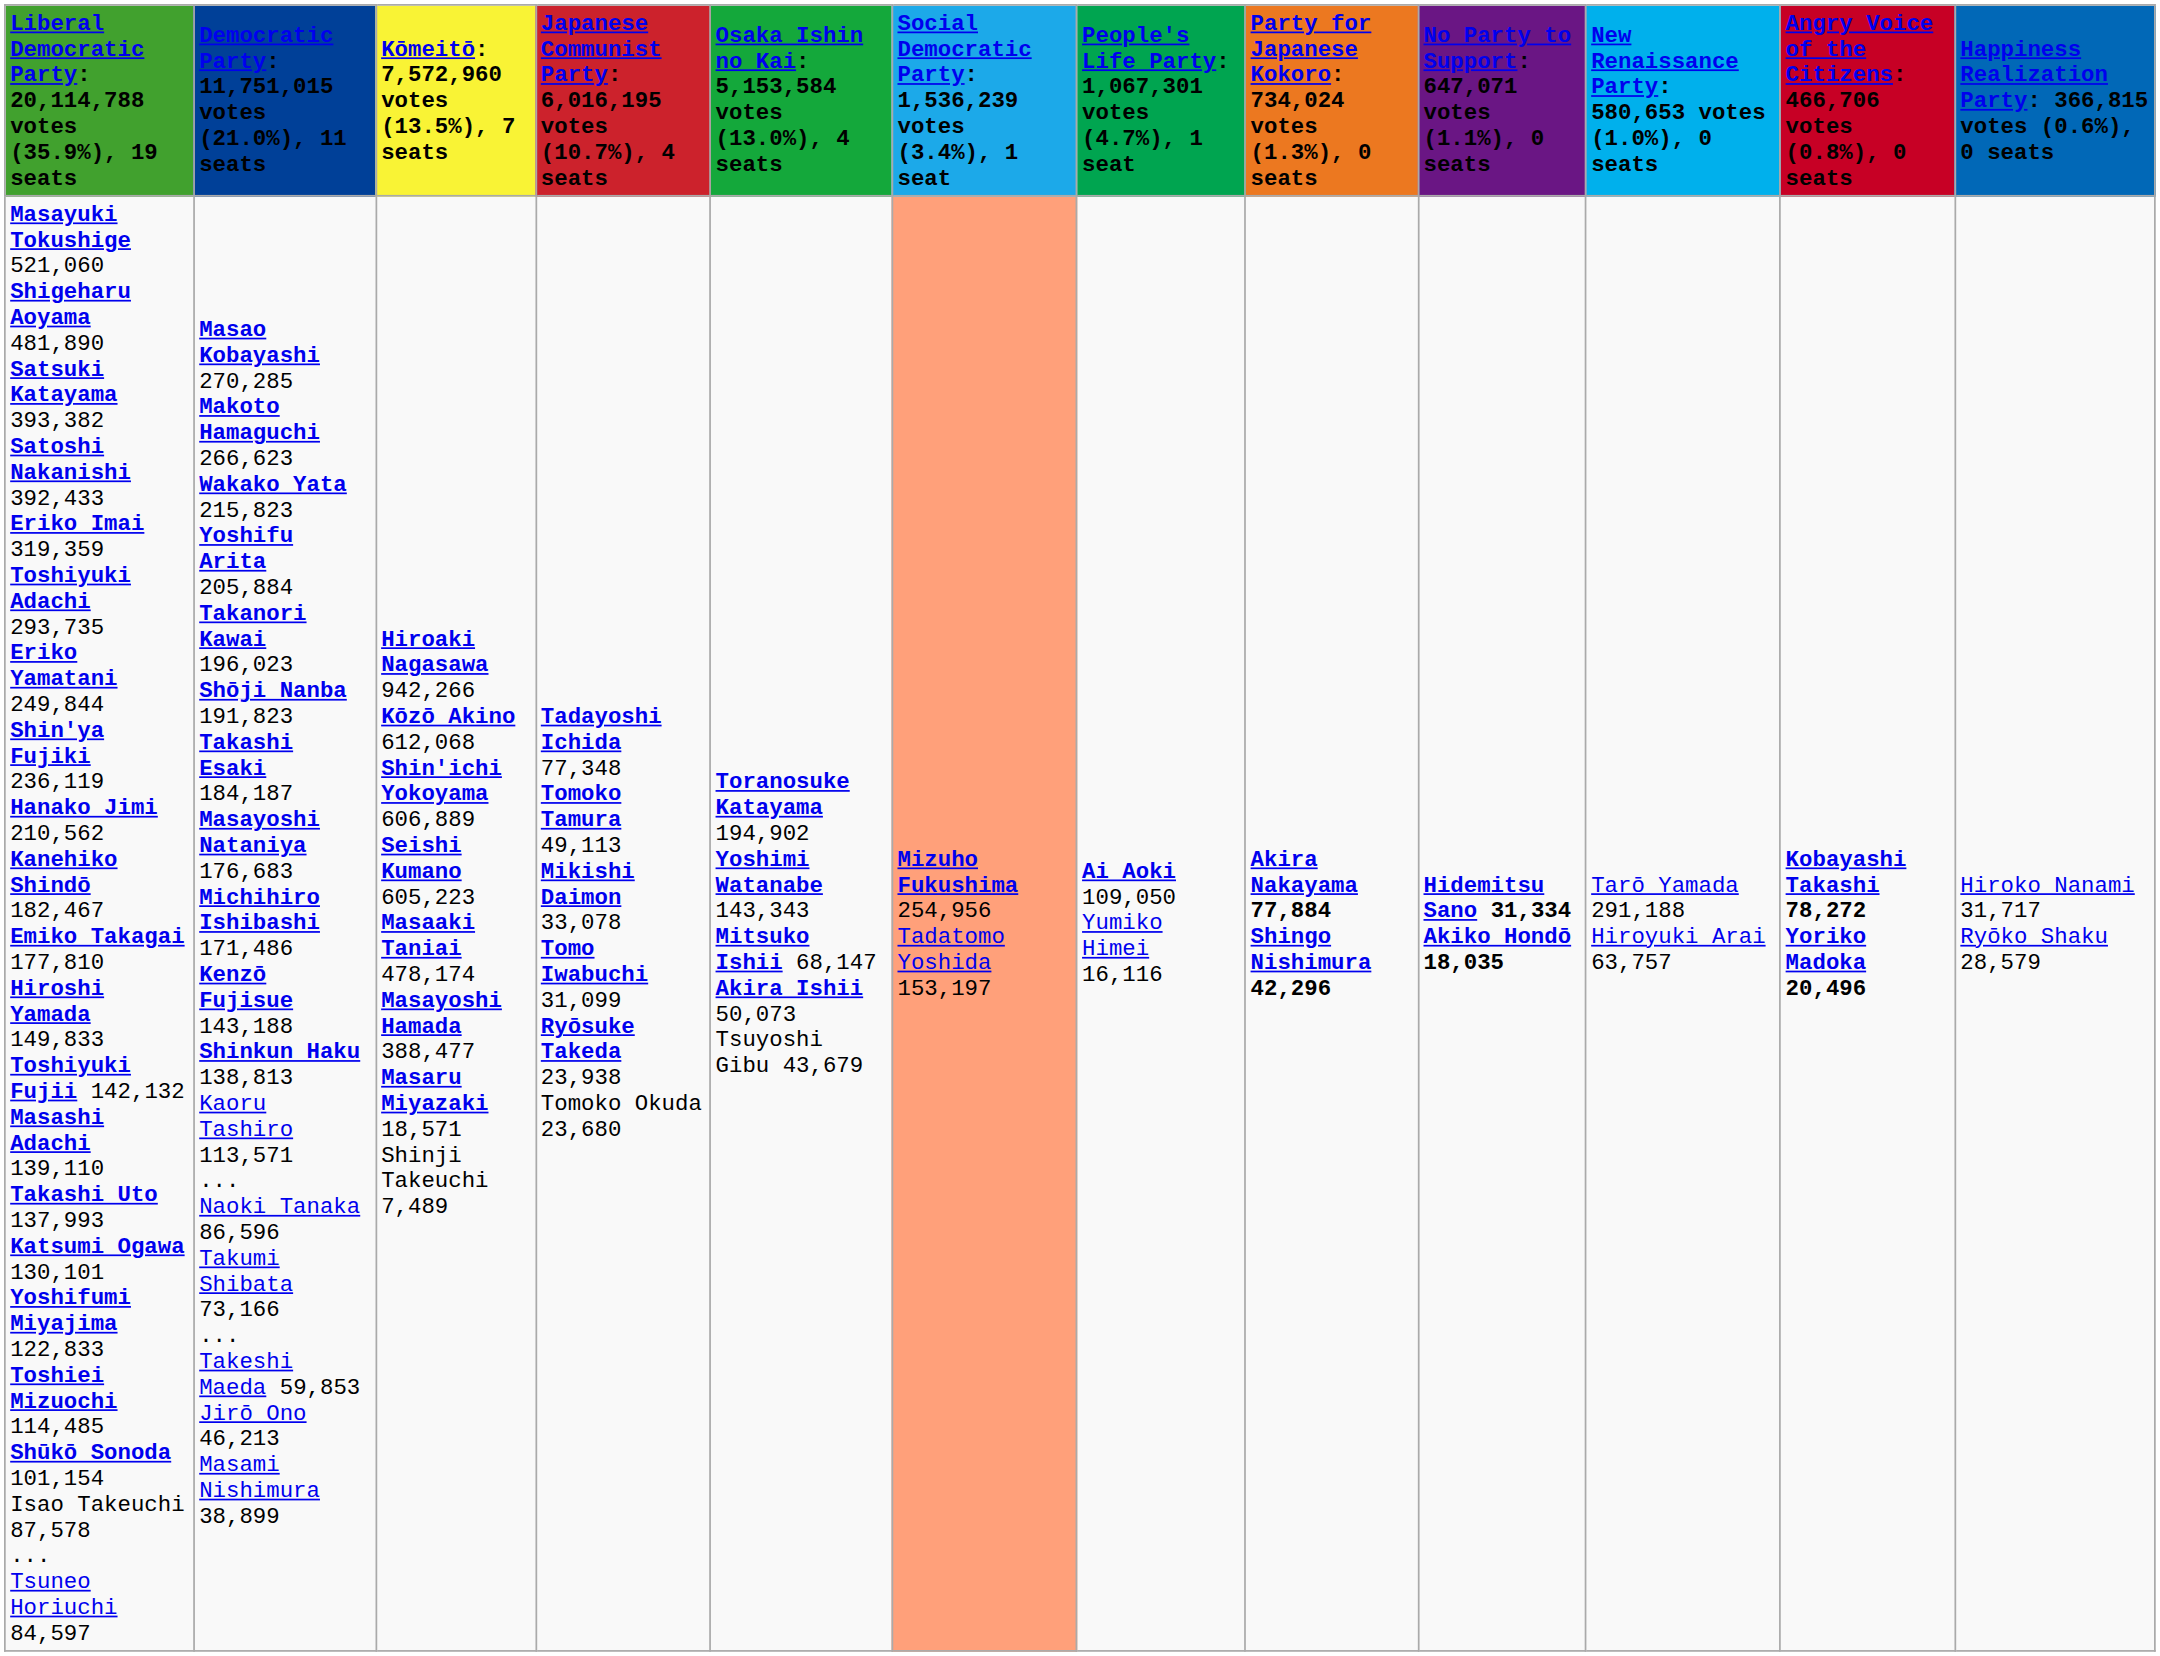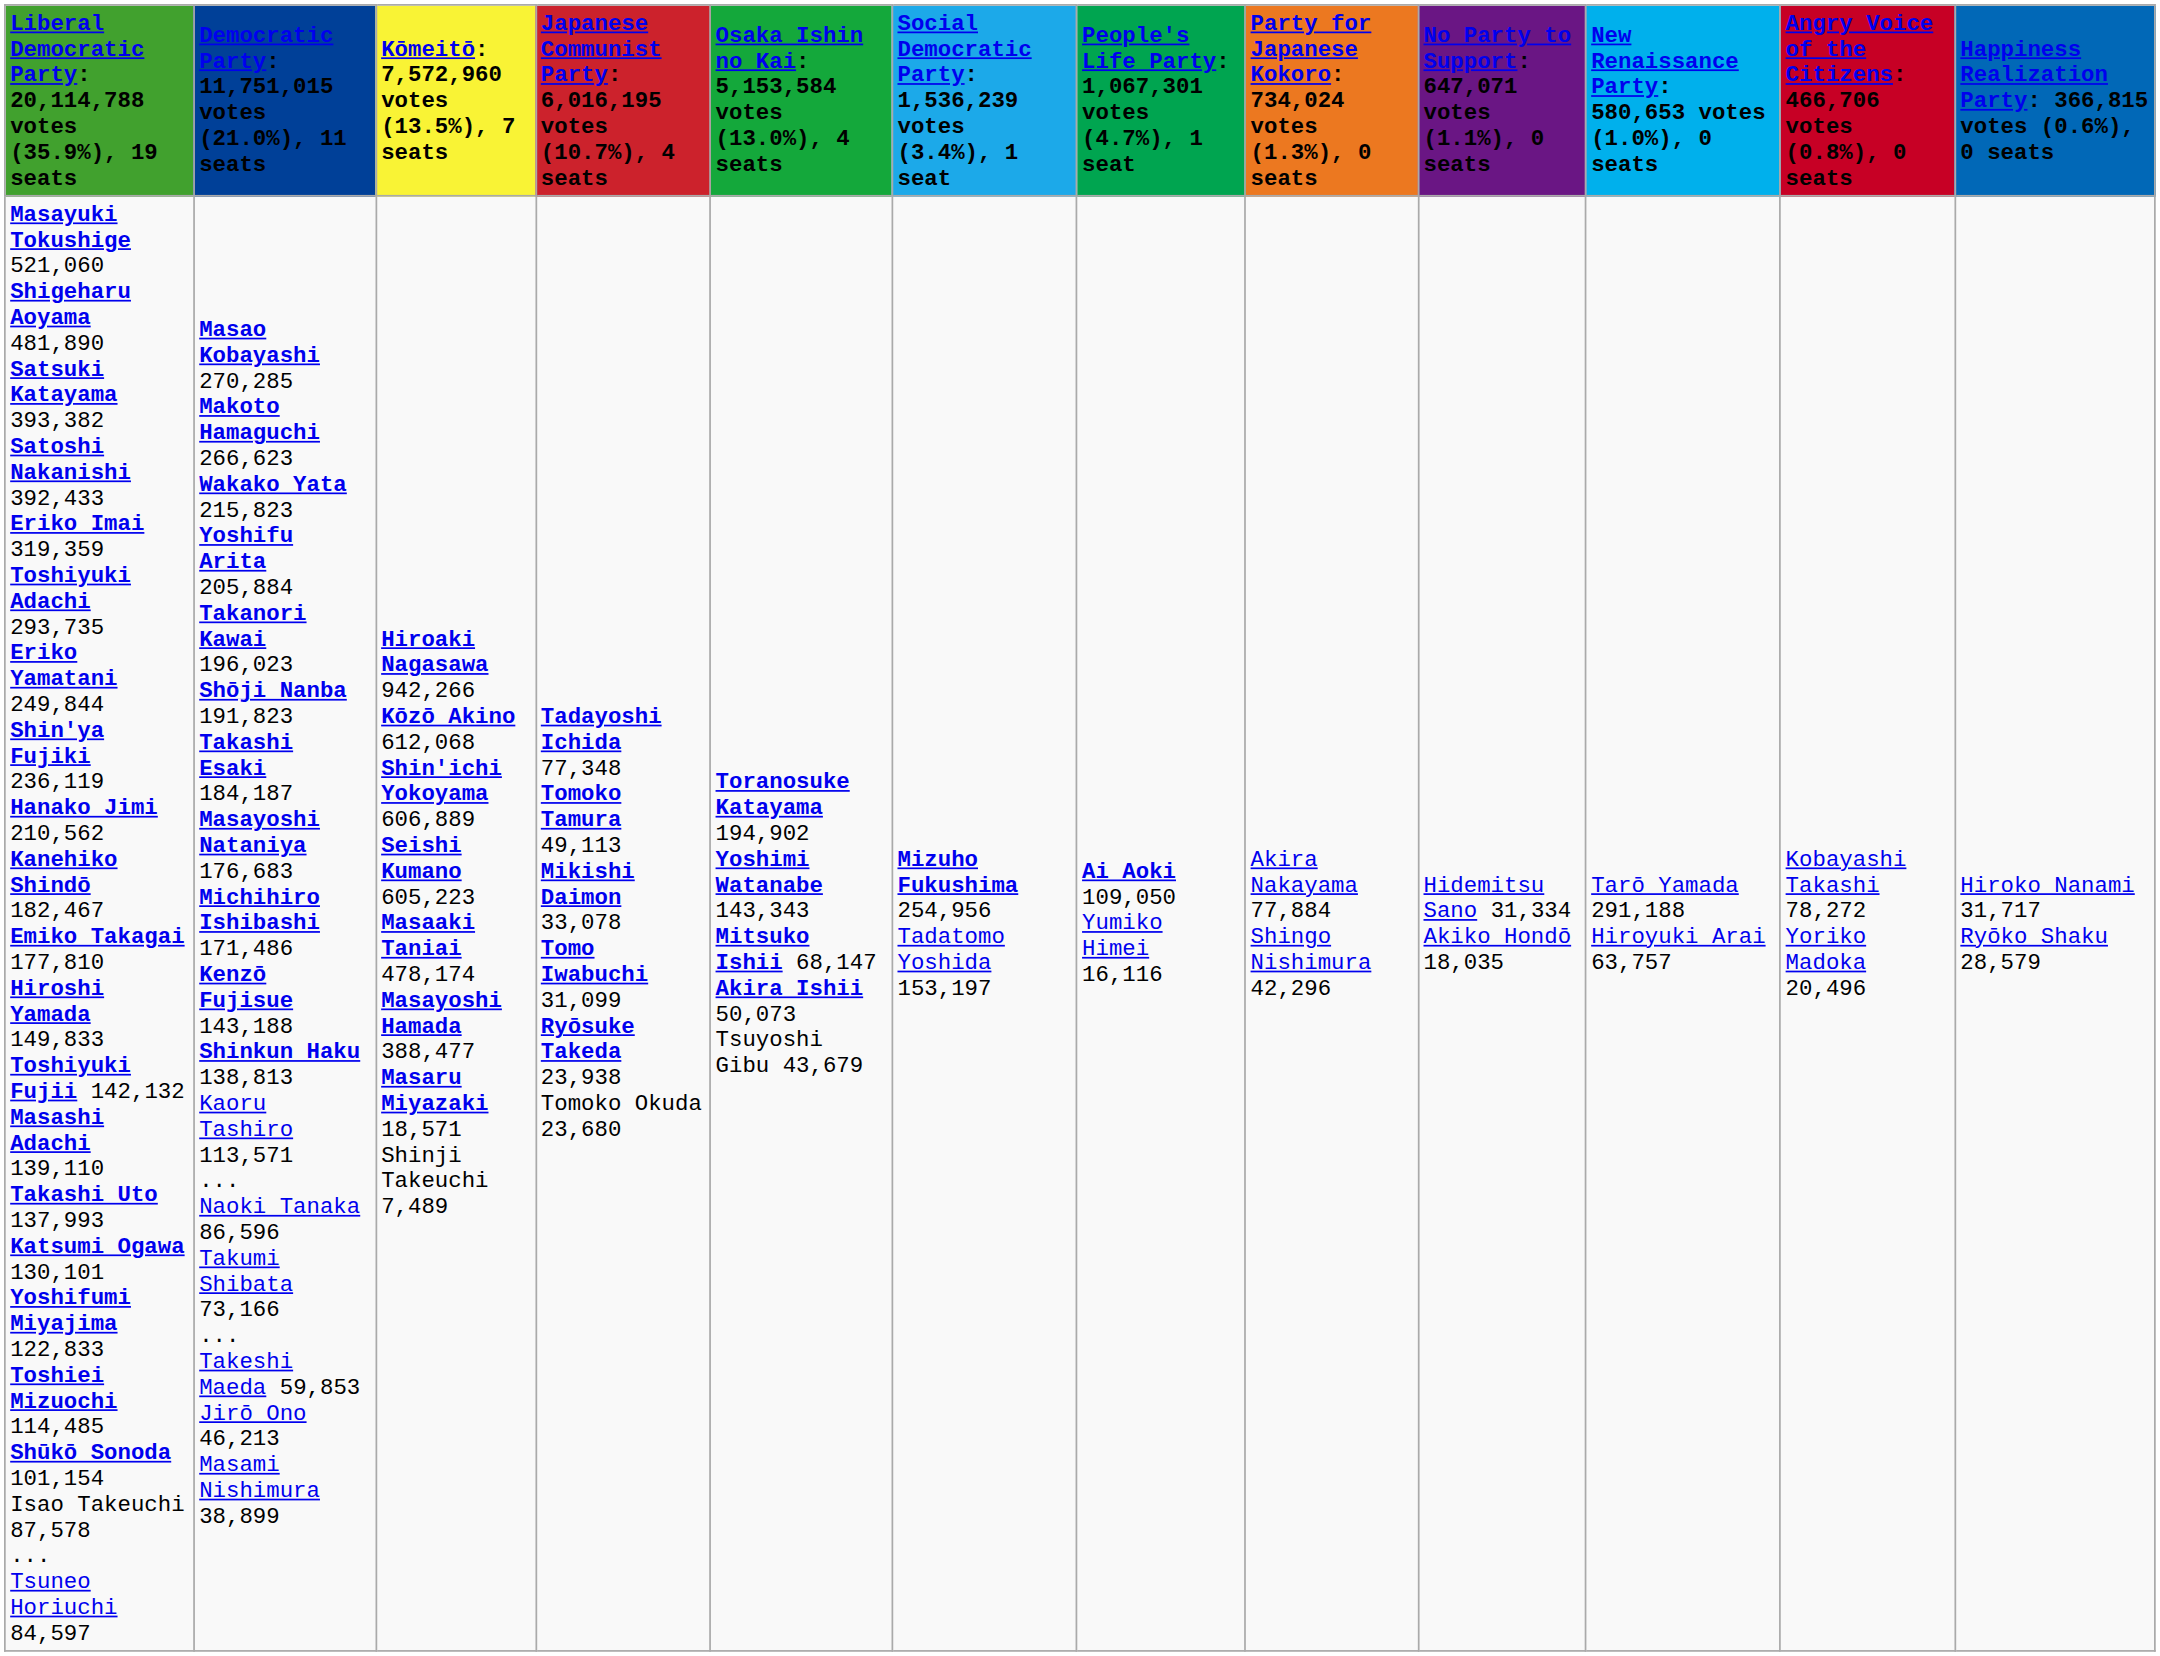 <table class="wikitable">
 <tr>
 <td colspan="1" bgcolor="#41A12E"><strong><a href='#'>Liberal Democratic Party</a>: 20,114,788 votes (35.9%), 19 seats</strong></td>
 <td colspan="1" bgcolor="#004098"><strong><a href='#'>Democratic Party</a>: 11,751,015 votes (21.0%), 11 seats</strong></td>
 <td colspan="1" bgcolor="#F9F335"><strong><a href='#'>Kōmeitō</a>: 7,572,960 votes (13.5%), 7 seats</strong></td>
 <td colspan="1" bgcolor="#CC222C"><strong><a href='#'>Japanese Communist Party</a>: 6,016,195 votes (10.7%), 4 seats</strong></td>
 <td colspan="1" bgcolor="#14A83B"><strong><a href='#'>Osaka Ishin no Kai</a>: 5,153,584 votes (13.0%), 4 seats</strong></td>
 <td colspan="1" bgcolor="#1CA9E9"><strong><a href='#'>Social Democratic Party</a>: 1,536,239 votes (3.4%), 1 seat</strong></td>
 <td colspan="1" bgcolor="#00A550"><strong><a href='#'>People's Life Party</a>: 1,067,301 votes (4.7%), 1 seat</strong></td>
 <td colspan="1" bgcolor="#EC7820"><strong><a href='#'>Party for Japanese Kokoro</a>: 734,024 votes (1.3%), 0 seats</strong></td>
 <td colspan="1" bgcolor="#6A1684"><strong><a href='#'>No Party to Support</a>: 647,071 votes (1.1%), 0 seats</strong></td>
 <td colspan="1" bgcolor="#00B0EC"><strong><a href='#'>New Renaissance Party</a>: 580,653 votes (1.0%), 0 seats</strong></td>
 <td colspan="1" bgcolor="#C70025"><strong><a href='#'>Angry Voice of the Citizens</a>: 466,706 votes (0.8%), 0 seats</strong></td>
 <td colspan="1" bgcolor="#0168B7"><strong><a href='#'>Happiness Realization Party</a>: 366,815 votes (0.6%), 0 seats</strong></td>
 </tr>
 <tr>
 <td><strong><a href='#'>Masayuki Tokushige</a></strong> 521,060<br><strong><a href='#'>Shigeharu Aoyama</a></strong> 481,890<br><strong><a href='#'>Satsuki Katayama</a></strong> 393,382<br><strong><a href='#'>Satoshi Nakanishi</a></strong> 392,433<br><strong><a href='#'>Eriko Imai</a></strong> 319,359<br><strong><a href='#'>Toshiyuki Adachi</a></strong> 293,735<br><strong><a href='#'>Eriko Yamatani</a></strong> 249,844<br><strong><a href='#'>Shin'ya Fujiki</a></strong> 236,119<br><strong><a href='#'>Hanako Jimi</a></strong> 210,562<br><strong><a href='#'>Kanehiko Shindō</a></strong> 182,467<br><strong><a href='#'>Emiko Takagai</a></strong> 177,810<br><strong><a href='#'>Hiroshi Yamada</a></strong> 149,833<br><strong><a href='#'>Toshiyuki Fujii</a></strong> 142,132<br><strong><a href='#'>Masashi Adachi</a></strong> 139,110<br><strong><a href='#'>Takashi Uto</a></strong> 137,993<br><strong><a href='#'>Katsumi Ogawa</a></strong> 130,101<br><strong><a href='#'>Yoshifumi Miyajima</a></strong> 122,833<br><strong><a href='#'>Toshiei Mizuochi</a></strong> 114,485<br><strong><a href='#'>Shūkō Sonoda</a></strong> 101,154<br>Isao Takeuchi 87,578<br>...<br><a href='#'>Tsuneo Horiuchi</a> 84,597</td>
 <td><strong><a href='#'>Masao Kobayashi</a></strong> 270,285<br><strong><a href='#'>Makoto Hamaguchi</a></strong> 266,623<br><strong><a href='#'>Wakako Yata</a></strong> 215,823<br><strong><a href='#'>Yoshifu Arita</a></strong> 205,884<br><strong><a href='#'>Takanori Kawai</a></strong> 196,023<br><strong><a href='#'>Shōji Nanba</a></strong> 191,823<br><strong><a href='#'>Takashi Esaki</a></strong> 184,187<br><strong><a href='#'>Masayoshi Nataniya</a></strong> 176,683<br><strong><a href='#'>Michihiro Ishibashi</a></strong> 171,486<br><strong><a href='#'>Kenzō Fujisue</a></strong> 143,188<br><strong><a href='#'>Shinkun Haku</a></strong> 138,813<br><a href='#'>Kaoru Tashiro</a> 113,571<br>...<br><a href='#'>Naoki Tanaka</a> 86,596<br><a href='#'>Takumi Shibata</a> 73,166<br>...<br><a href='#'>Takeshi Maeda</a> 59,853<br><a href='#'>Jirō Ono</a> 46,213<br><a href='#'>Masami Nishimura</a> 38,899</td>
 <td><strong><a href='#'>Hiroaki Nagasawa</a></strong> 942,266<br><strong><a href='#'>Kōzō Akino</a></strong> 612,068<br><strong><a href='#'>Shin'ichi Yokoyama</a></strong> 606,889<br><strong><a href='#'>Seishi Kumano</a></strong> 605,223<br><strong><a href='#'>Masaaki Taniai</a></strong> 478,174<br><strong><a href='#'>Masayoshi Hamada</a></strong> 388,477<br><strong><a href='#'>Masaru Miyazaki</a></strong> 18,571<br>Shinji Takeuchi 7,489</td>
 <td><strong><a href='#'>Tadayoshi Ichida</a></strong> 77,348<br><strong><a href='#'>Tomoko Tamura</a></strong> 49,113<br><strong><a href='#'>Mikishi Daimon</a></strong> 33,078<br><strong><a href='#'>Tomo Iwabuchi</a></strong> 31,099<br><strong><a href='#'>Ryōsuke Takeda</a></strong> 23,938<br>Tomoko Okuda 23,680</td>
 <td><strong><a href='#'>Toranosuke Katayama</a></strong> 194,902<br><strong><a href='#'>Yoshimi Watanabe</a></strong> 143,343<br><strong><a href='#'>Mitsuko Ishii</a></strong> 68,147<br><strong><a href='#'>Akira Ishii</a></strong> 50,073<br>Tsuyoshi Gibu 43,679</td>
-<td style="background: lightsalmon;"><strong><a href='#'>Mizuho Fukushima</a></strong> 254,956<br><a href='#'>Tadatomo Yoshida</a> 153,197</td>
+<td><strong><a href='#'>Mizuho Fukushima</a></strong> 254,956<br><a href='#'>Tadatomo Yoshida</a> 153,197</td>
 <td><strong><a href='#'>Ai Aoki</a></strong> 109,050<br><a href='#'>Yumiko Himei</a> 16,116</td>
-<td><strong><a href='#'>Akira Nakayama</a> 77,884<br><a href='#'>Shingo Nishimura</a> 42,296</strong></td>
-<td><strong><a href='#'>Hidemitsu Sano</a> 31,334<br><a href='#'>Akiko Hondō</a> 18,035</strong></td>
+<td><a href='#'>Akira Nakayama</a> 77,884<br><a href='#'>Shingo Nishimura</a> 42,296</td>
+<td><a href='#'>Hidemitsu Sano</a> 31,334<br><a href='#'>Akiko Hondō</a> 18,035</td>
 <td><a href='#'>Tarō Yamada</a> 291,188<br><a href='#'>Hiroyuki Arai</a> 63,757</td>
-<td><strong><a href='#'>Kobayashi Takashi</a> 78,272<br><a href='#'>Yoriko Madoka</a> 20,496</strong></td>
+<td><a href='#'>Kobayashi Takashi</a> 78,272<br><a href='#'>Yoriko Madoka</a> 20,496</td>
 <td><a href='#'>Hiroko Nanami</a> 31,717<br><a href='#'>Ryōko Shaku</a> 28,579</td>
 </tr>
 </table>
